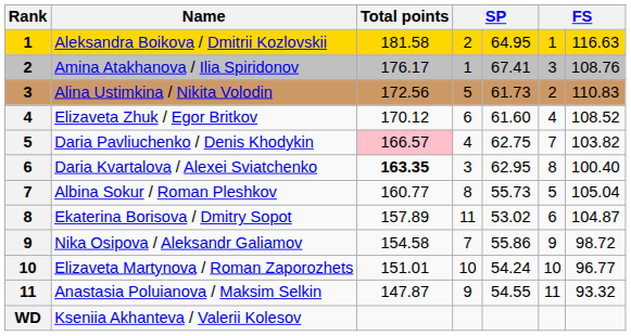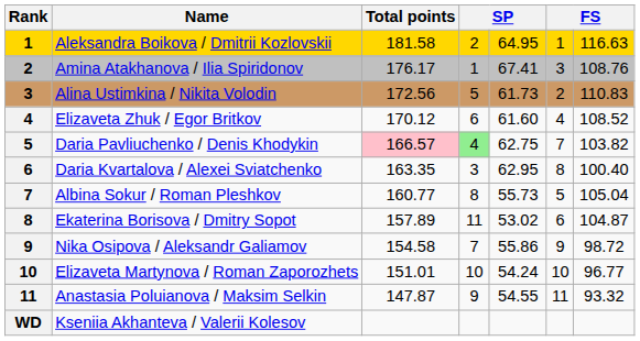 <table class="wikitable sortable">
 <tr>
 <th>Rank</th>
 <th>Name</th>
 <th>Total points</th>
 <th colspan="2" width="80px"><a href='#'>SP</a></th>
 <th colspan="2" width="80px"><a href='#'>FS</a></th>
 </tr>
 <tr bgcolor="gold">
 <td align="center"><strong>1</strong></td>
 <td><a href='#'>Aleksandra Boikova</a> / <a href='#'>Dmitrii Kozlovskii</a></td>
 <td align="center">181.58</td>
 <td align="center">2</td>
 <td align="center">64.95</td>
 <td align="center">1</td>
 <td align="center">116.63</td>
 </tr>
 <tr bgcolor="silver">
 <td align="center"><strong>2</strong></td>
 <td><a href='#'>Amina Atakhanova</a> / <a href='#'>Ilia Spiridonov</a></td>
 <td align="center">176.17</td>
 <td align="center">1</td>
 <td align="center">67.41</td>
 <td align="center">3</td>
 <td align="center">108.76</td>
 </tr>
 <tr bgcolor="cc9966">
 <td align="center"><strong>3</strong></td>
 <td><a href='#'>Alina Ustimkina</a> / <a href='#'>Nikita Volodin</a></td>
 <td align="center">172.56</td>
 <td align="center">5</td>
 <td align="center">61.73</td>
 <td align="center">2</td>
 <td align="center">110.83</td>
 </tr>
 <tr>
 <th>4</th>
 <td><a href='#'>Elizaveta Zhuk</a> / <a href='#'>Egor Britkov</a></td>
 <td align="center">170.12</td>
 <td align="center">6</td>
 <td align="center">61.60</td>
 <td align="center">4</td>
 <td align="center">108.52</td>
 </tr>
 <tr>
 <th>5</th>
 <td><a href='#'>Daria Pavliuchenko</a> / <a href='#'>Denis Khodykin</a></td>
 <td align="center" style="background: pink;">166.57</td>
-<td align="center">4</td>
+<td align="center" style="background: lightgreen;">4</td>
 <td align="center">62.75</td>
 <td align="center">7</td>
 <td align="center">103.82</td>
 </tr>
 <tr>
 <th>6</th>
 <td><a href='#'>Daria Kvartalova</a> / <a href='#'>Alexei Sviatchenko</a></td>
-<td align="center"><strong>163.35</strong></td>
+<td align="center">163.35</td>
 <td align="center">3</td>
 <td align="center">62.95</td>
 <td align="center">8</td>
 <td align="center">100.40</td>
 </tr>
 <tr>
 <th>7</th>
 <td><a href='#'>Albina Sokur</a> / <a href='#'>Roman Pleshkov</a></td>
 <td align="center">160.77</td>
 <td align="center">8</td>
 <td align="center">55.73</td>
 <td align="center">5</td>
 <td align="center">105.04</td>
 </tr>
 <tr>
 <th>8</th>
 <td><a href='#'>Ekaterina Borisova</a> / <a href='#'>Dmitry Sopot</a></td>
 <td align="center">157.89</td>
 <td align="center">11</td>
 <td align="center">53.02</td>
 <td align="center">6</td>
 <td align="center">104.87</td>
 </tr>
 <tr>
 <th>9</th>
 <td><a href='#'>Nika Osipova</a> / <a href='#'>Aleksandr Galiamov</a></td>
 <td align="center">154.58</td>
 <td align="center">7</td>
 <td align="center">55.86</td>
 <td align="center">9</td>
 <td align="center">98.72</td>
 </tr>
 <tr>
 <th>10</th>
 <td><a href='#'>Elizaveta Martynova</a> / <a href='#'>Roman Zaporozhets</a></td>
 <td align="center">151.01</td>
 <td align="center">10</td>
 <td align="center">54.24</td>
 <td align="center">10</td>
 <td align="center">96.77</td>
 </tr>
 <tr>
 <th>11</th>
 <td><a href='#'>Anastasia Poluianova</a> / <a href='#'>Maksim Selkin</a></td>
 <td align="center">147.87</td>
 <td align="center">9</td>
 <td align="center">54.55</td>
 <td align="center">11</td>
 <td align="center">93.32</td>
 </tr>
 <tr>
 <th>WD</th>
 <td><a href='#'>Kseniia Akhanteva</a> / <a href='#'>Valerii Kolesov</a></td>
 <td></td>
 <td></td>
 <td></td>
 <td></td>
 <td></td>
 </tr>
 </table>
